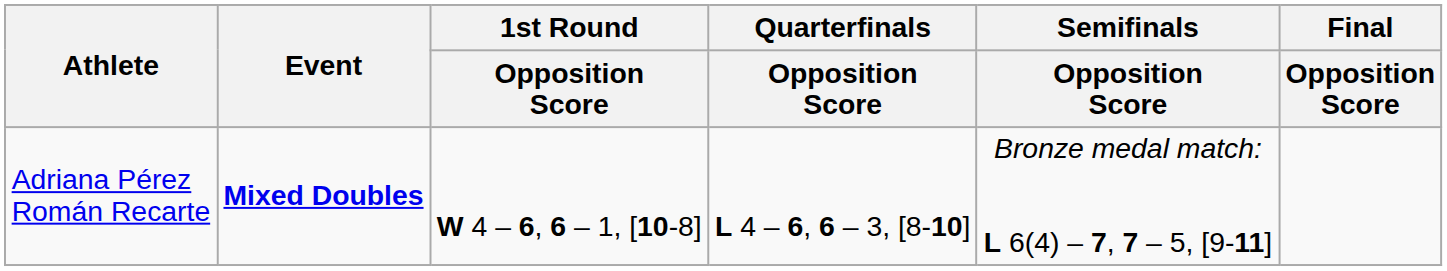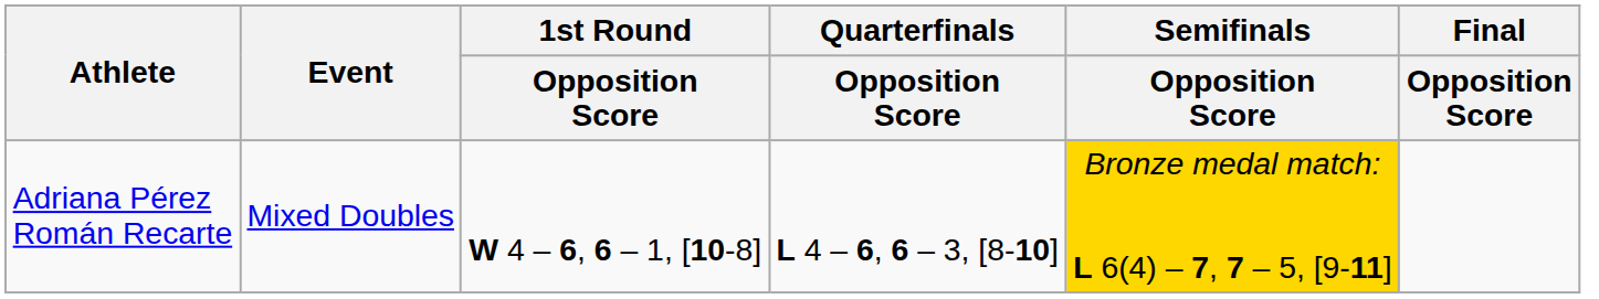 <table class="wikitable" style="font-size:90%;">
 <tr>
 <th rowspan=2>Athlete</th>
 <th rowspan=2>Event</th>
 <th>1st Round</th>
 <th>Quarterfinals</th>
 <th>Semifinals</th>
 <th>Final</th>
 </tr>
 <tr>
 <th>Opposition<br>Score</th>
 <th>Opposition<br>Score</th>
 <th>Opposition<br>Score</th>
 <th>Opposition<br>Score</th>
 </tr>
 <tr>
 <td><a href='#'>Adriana Pérez</a><br><a href='#'>Román Recarte</a></td>
-<td><strong><a href='#'>Mixed Doubles</a></strong></td>
+<td><a href='#'>Mixed Doubles</a></td>
 <td align=center><br><br><strong>W</strong> 4 – <strong>6</strong>, <strong>6</strong> – 1, [<strong>10</strong>-8]</td>
 <td align=center><br><br><strong>L</strong> 4 – <strong>6</strong>, <strong>6</strong> – 3, [8-<strong>10</strong>]</td>
-<td align=center><em>Bronze medal match:</em><br><br><br><strong>L</strong> 6(4) – <strong>7</strong>, <strong>7</strong> – 5, [9-<strong>11</strong>]</td>
+<td align=center style="background: gold;"><em>Bronze medal match:</em><br><br><br><strong>L</strong> 6(4) – <strong>7</strong>, <strong>7</strong> – 5, [9-<strong>11</strong>]</td>
 </tr>
 </table>
